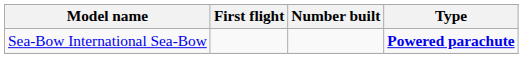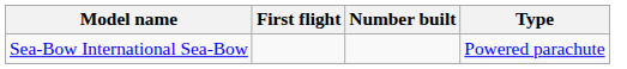 <table class="wikitable" align=center>
 <tr>
 </tr>
 <tr style="background:#efefef;">
 <th>Model name</th>
 <th>First flight</th>
 <th>Number built</th>
 <th>Type</th>
 </tr>
 <tr>
 <td align=left><a href='#'>Sea-Bow International Sea-Bow</a></td>
 <td align=center></td>
 <td align=center></td>
-<td align=left><strong><a href='#'>Powered parachute</a></strong></td>
+<td align=left><a href='#'>Powered parachute</a></td>
 </tr>
 <tr>
 </tr>
 </table>
